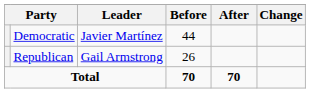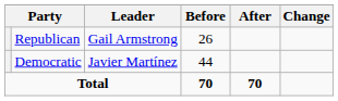 <table class="wikitable" style="text-align:center;">
 <tr>
 </tr>
 <tr>
 <th colspan=2>Party</th>
 <th>Leader</th>
 <th style="width:3em">Before</th>
 <th style="width:3em">After</th>
 <th style="width:3em">Change</th>
 </tr>
 <tr>
 <th style="background-color:"></th>
-<td style="text-align:left;"><a href='#'>Democratic</a></td>
-<td style="text-align:left;"><a href='#'>Javier Martínez</a></td>
-<td>44</td>
+<td style="text-align:left;"><a href='#'>Republican</a></td>
+<td style="text-align:left;"><a href='#'>Gail Armstrong</a></td>
+<td>26</td>
 <td></td>
 <td></td>
 </tr>
 <tr>
 <th style="background-color:"></th>
-<td style="text-align:left;"><a href='#'>Republican</a></td>
-<td style="text-align:left;"><a href='#'>Gail Armstrong</a></td>
-<td>26</td>
+<td style="text-align:left;"><a href='#'>Democratic</a></td>
+<td style="text-align:left;"><a href='#'>Javier Martínez</a></td>
+<td>44</td>
 <td></td>
 <td></td>
 </tr>
 <tr>
 <td colspan=3><strong>Total</strong></td>
 <td><strong>70</strong></td>
 <td><strong>70</strong></td>
 <td></td>
 </tr>
 </table>
